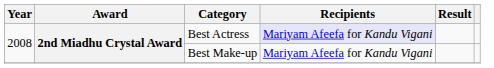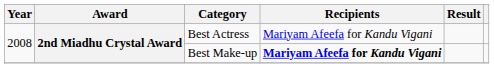 <table class="wikitable plainrowheaders sortable">
 <tr>
 <th scope="col">Year</th>
 <th scope="col">Award</th>
 <th scope="col">Category</th>
 <th scope="col">Recipients</th>
 <th scope="col">Result</th>
 <th scope="col" class="unsortable"></th>
 </tr>
 <tr>
 <td rowspan="2">2008</td>
 <th scope="row" rowspan="2">2nd Miadhu Crystal Award</th>
 <td>Best Actress</td>
-<td style="background: lavender;"><a href='#'>Mariyam Afeefa</a> for <em>Kandu Vigani</em></td>
+<td><a href='#'>Mariyam Afeefa</a> for <em>Kandu Vigani</em></td>
 <td></td>
 <td style="text-align:center;"></td>
 </tr>
 <tr>
 <td>Best Make-up</td>
-<td><a href='#'>Mariyam Afeefa</a> for <em>Kandu Vigani</em></td>
+<td><strong><a href='#'>Mariyam Afeefa</a> for <em>Kandu Vigani</em></strong></td>
 <td></td>
 <td style="text-align:center;"></td>
 </tr>
 <tr>
 </tr>
 </table>
